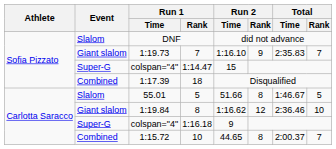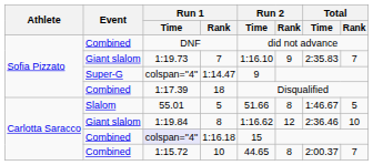 <table class="wikitable" style="font-size:90%">
 <tr>
 <th rowspan=2>Athlete</th>
 <th rowspan=2>Event</th>
 <th colspan=2>Run 1</th>
 <th colspan=2>Run 2</th>
 <th colspan=2>Total</th>
 </tr>
 <tr style="font-size:95%">
 <th>Time</th>
 <th>Rank</th>
 <th>Time</th>
 <th>Rank</th>
 <th>Time</th>
 <th>Rank</th>
 </tr>
 <tr align=center>
 <td align="left" rowspan="4"><a href='#'>Sofia Pizzato</a></td>
-<td align="left"><a href='#'>Slalom</a></td>
+<td align="left"><a href='#'>Combined</a></td>
 <td colspan=2>DNF</td>
 <td colspan=4>did not advance</td>
 </tr>
 <tr align=center>
 <td align="left"><a href='#'>Giant slalom</a></td>
 <td>1:19.73</td>
 <td>7</td>
 <td>1:16.10</td>
 <td>9</td>
 <td>2:35.83</td>
 <td>7</td>
 </tr>
 <tr align=center>
 <td align="left"><a href='#'>Super-G</a></td>
 <td>colspan="4" </td>
 <td>1:14.47</td>
-<td>15</td>
+<td>9</td>
 </tr>
 <tr align=center>
 <td align="left"><a href='#'>Combined</a></td>
 <td>1:17.39</td>
 <td>18</td>
 <td colspan=4>Disqualified</td>
 </tr>
 <tr align=center>
 <td align="left" rowspan="4"><a href='#'>Carlotta Saracco</a></td>
 <td align="left"><a href='#'>Slalom</a></td>
 <td>55.01</td>
 <td>5</td>
 <td>51.66</td>
 <td>8</td>
 <td>1:46.67</td>
 <td>5</td>
 </tr>
 <tr align=center>
 <td align="left"><a href='#'>Giant slalom</a></td>
 <td>1:19.84</td>
 <td>8</td>
 <td>1:16.62</td>
 <td>12</td>
 <td>2:36.46</td>
 <td>10</td>
 </tr>
 <tr align=center>
-<td align="left"><a href='#'>Super-G</a></td>
-<td>colspan="4" </td>
+<td align="left"><a href='#'>Combined</a></td>
+<td style="background: lavender;">colspan="4" </td>
 <td>1:16.18</td>
-<td>9</td>
+<td>15</td>
 </tr>
 <tr align=center>
 <td align="left"><a href='#'>Combined</a></td>
 <td>1:15.72</td>
 <td>10</td>
 <td>44.65</td>
 <td>8</td>
 <td>2:00.37</td>
 <td>7</td>
 </tr>
 </table>
